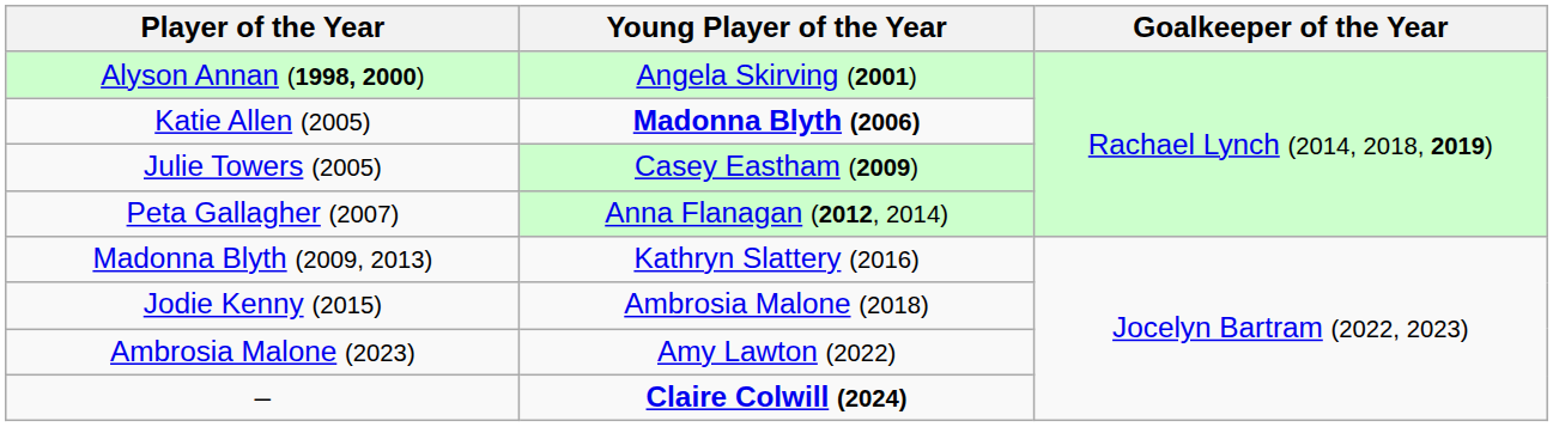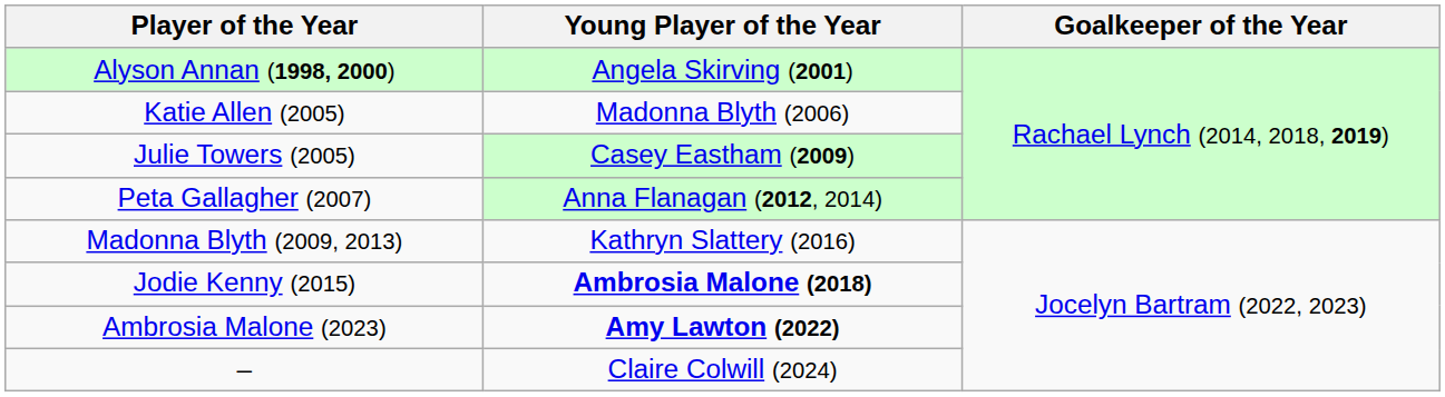 <table class="wikitable" style="text-align: center;">
 <tr>
 <th style="width: 275px;">Player of the Year</th>
 <th style="width: 275px;">Young Player of the Year</th>
 <th style="width: 275px;">Goalkeeper of the Year</th>
 </tr>
 <tr>
 <td bgcolor="#ccffcc"><a href='#'>Alyson Annan</a> <small>(<strong>1998, 2000</strong>)</small></td>
 <td bgcolor="#ccffcc"><a href='#'>Angela Skirving</a> <small>(<strong>2001</strong>)</small></td>
 <td bgcolor="#ccffcc"; rowspan=4><a href='#'>Rachael Lynch</a> <small>(2014, 2018, <strong>2019</strong>)</small></td>
 </tr>
 <tr>
 <td><a href='#'>Katie Allen</a> <small>(2005)</small></td>
-<td><strong><a href='#'>Madonna Blyth</a> <small>(2006)</small></strong></td>
+<td><a href='#'>Madonna Blyth</a> <small>(2006)</small></td>
 </tr>
 <tr>
 <td><a href='#'>Julie Towers</a> <small>(2005)</small></td>
 <td bgcolor="#ccffcc"><a href='#'>Casey Eastham</a> <small>(<strong>2009</strong>)</small></td>
 </tr>
 <tr>
 <td><a href='#'>Peta Gallagher</a> <small>(2007)</small></td>
 <td bgcolor="#ccffcc"><a href='#'>Anna Flanagan</a> <small>(<strong>2012</strong>, 2014)</small></td>
 </tr>
 <tr>
 <td><a href='#'>Madonna Blyth</a> <small>(2009, 2013)</small></td>
 <td><a href='#'>Kathryn Slattery</a> <small>(2016)</small></td>
 <td rowspan=4><a href='#'>Jocelyn Bartram</a> <small>(2022, 2023)</small></td>
 </tr>
 <tr>
 <td><a href='#'>Jodie Kenny</a> <small>(2015)</small></td>
-<td><a href='#'>Ambrosia Malone</a> <small>(2018)</small></td>
+<td><strong><a href='#'>Ambrosia Malone</a> <small>(2018)</small></strong></td>
 </tr>
 <tr>
 <td><a href='#'>Ambrosia Malone</a> <small>(2023)</small></td>
-<td><a href='#'>Amy Lawton</a> <small>(2022)</small></td>
+<td><strong><a href='#'>Amy Lawton</a> <small>(2022)</small></strong></td>
 </tr>
 <tr>
 <td>–</td>
-<td><strong><a href='#'>Claire Colwill</a> <small>(2024)</small></strong></td>
+<td><a href='#'>Claire Colwill</a> <small>(2024)</small></td>
 </tr>
 </table>
